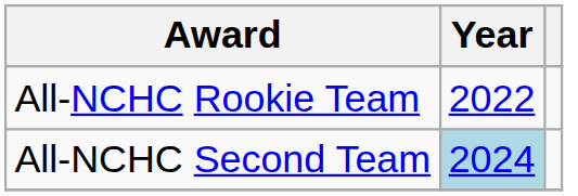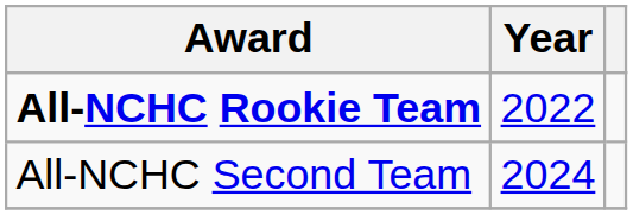 <table class="wikitable">
 <tr>
 <th>Award</th>
 <th>Year</th>
 <th></th>
 </tr>
 <tr ALIGN="center" bgcolor="#e0e0e0">
 </tr>
 <tr ALIGN="center" bgcolor="#e0e0e0">
 </tr>
 <tr>
-<td>All-<a href='#'>NCHC</a> <a href='#'>Rookie Team</a></td>
+<td><strong>All-<a href='#'>NCHC</a> <a href='#'>Rookie Team</a></strong></td>
 <td><a href='#'>2022</a></td>
 <td></td>
 </tr>
 <tr>
 <td>All-NCHC <a href='#'>Second Team</a></td>
-<td style="background: lightblue;"><a href='#'>2024</a></td>
+<td><a href='#'>2024</a></td>
 <td></td>
 </tr>
 <tr>
 </tr>
 </table>
